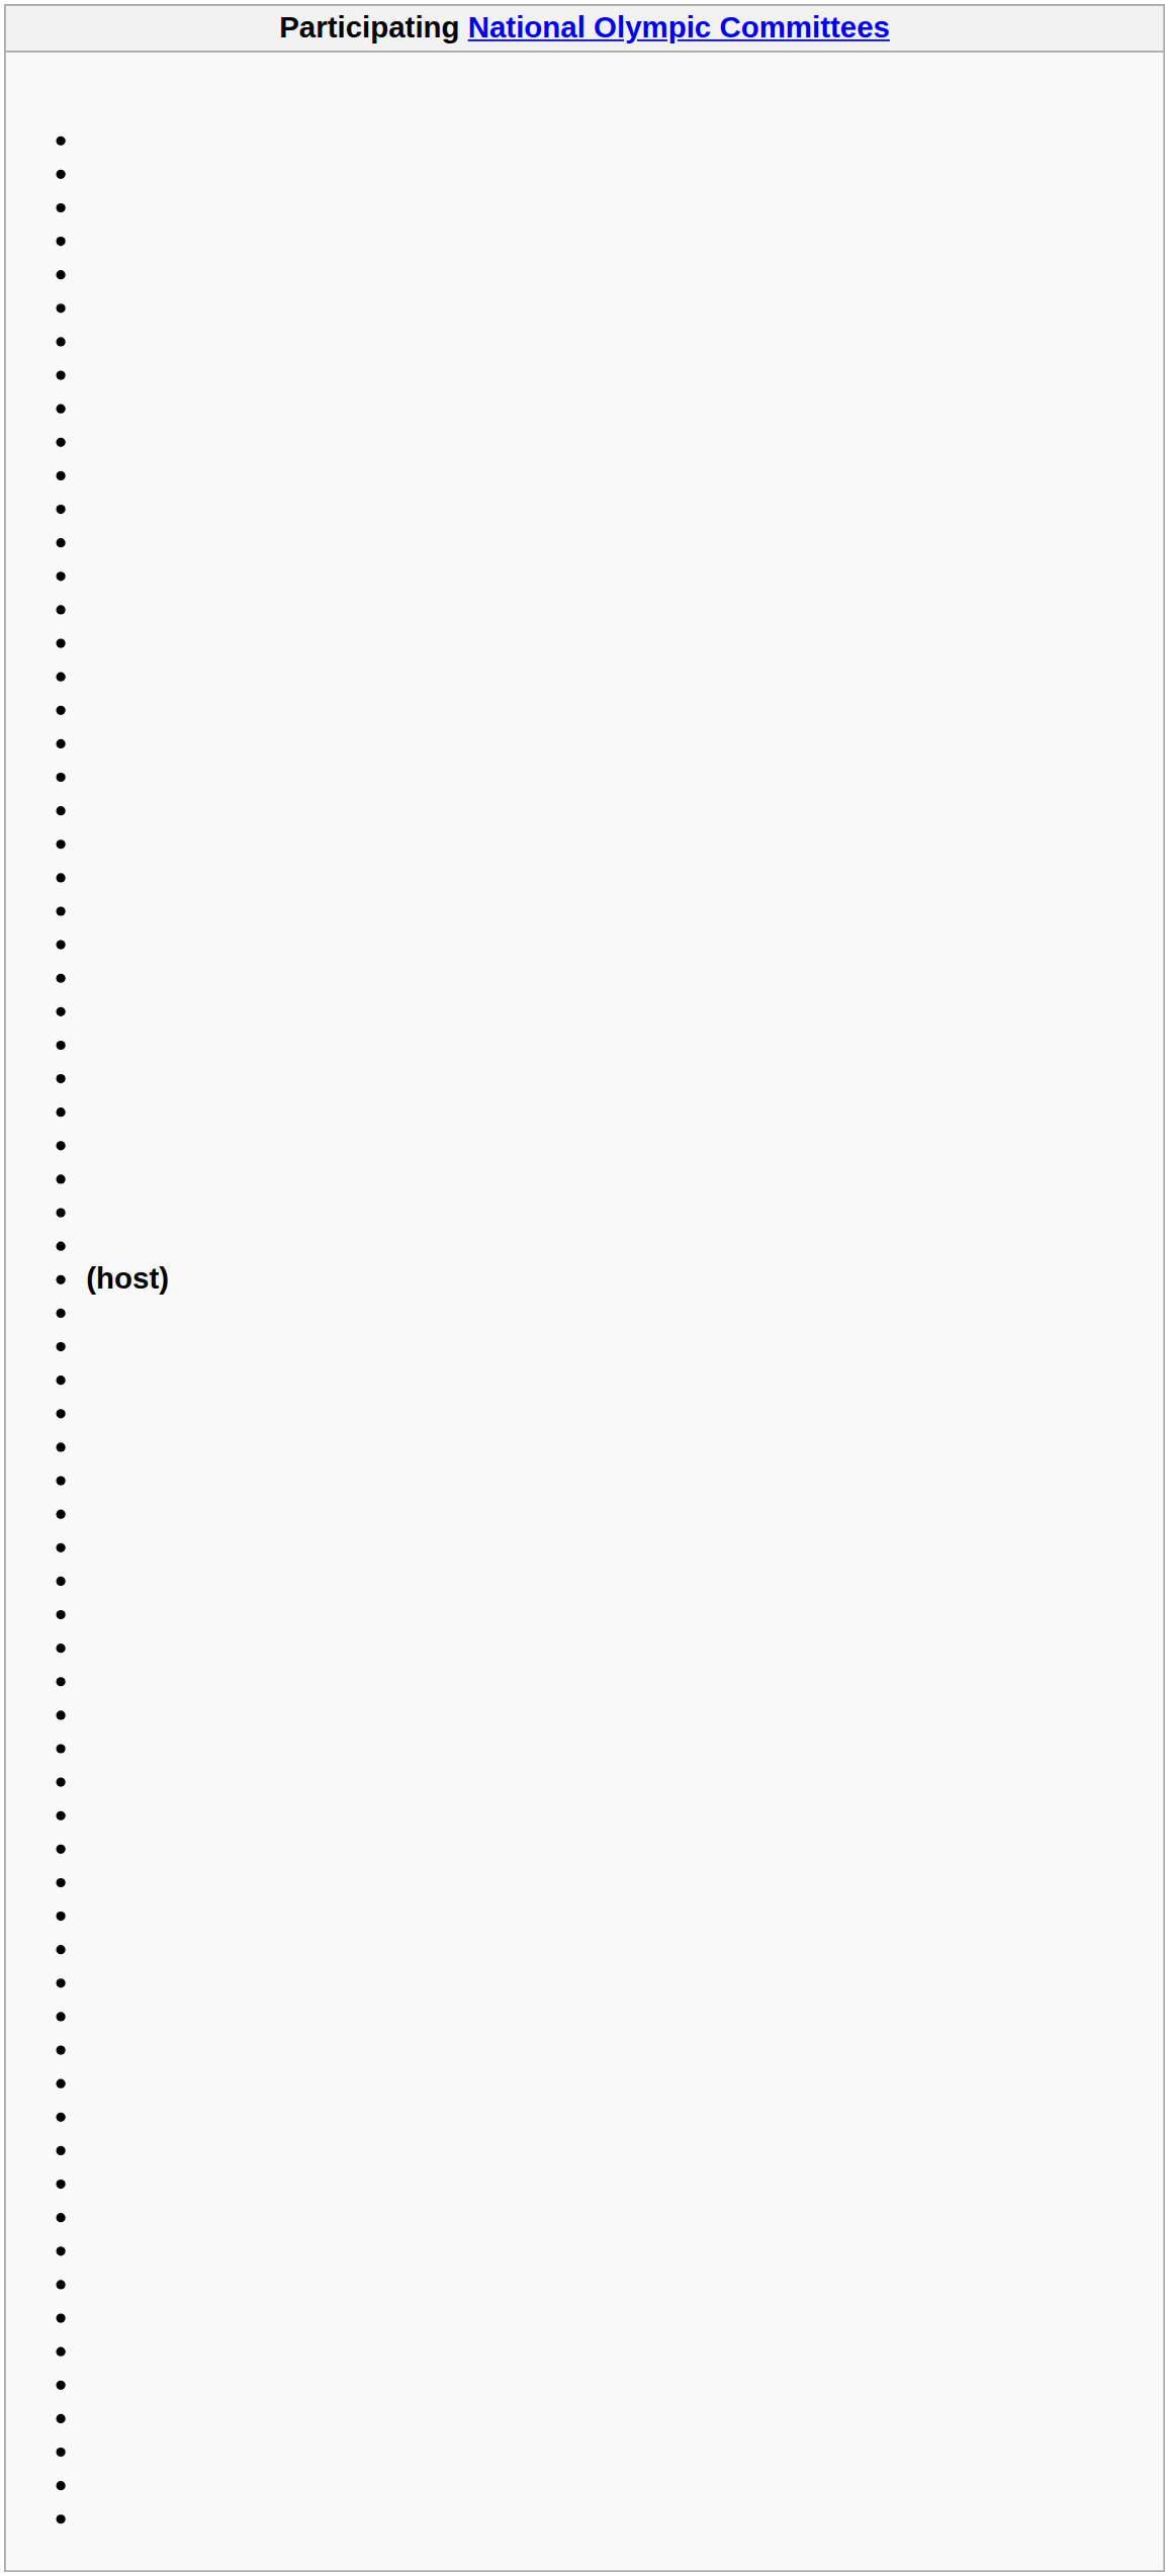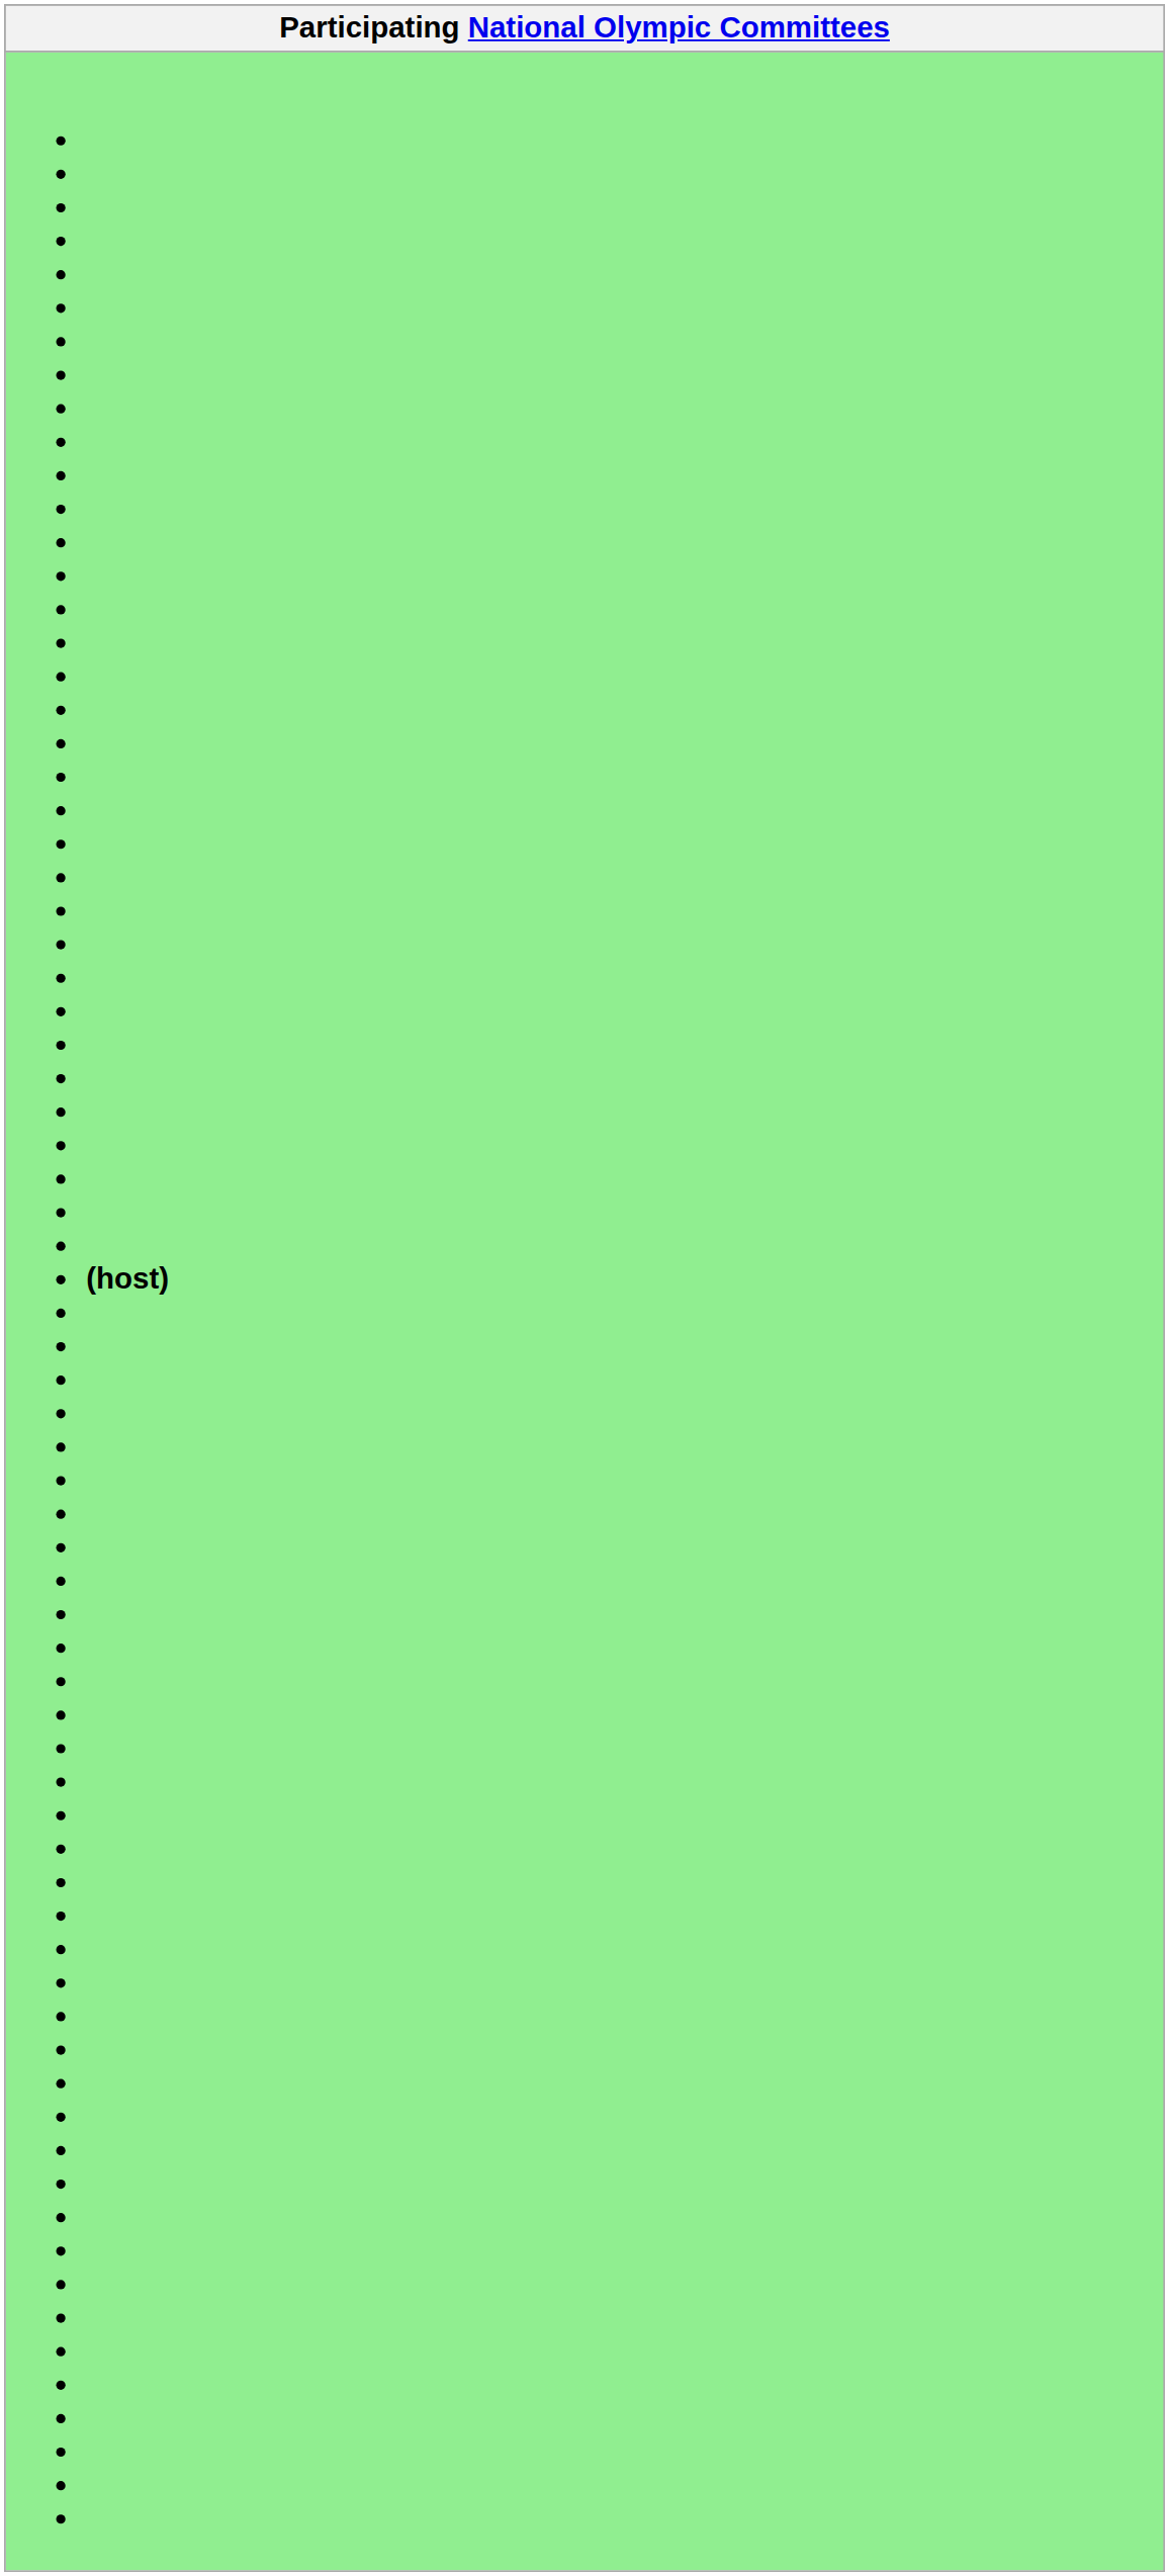 <table class="wikitable collapsible" style="width:100%;">
 <tr>
 <th>Participating <a href='#'>National Olympic Committees</a></th>
 </tr>
 <tr>
-<td><br><ul><li></li><li></li><li></li><li></li><li></li><li></li><li></li><li></li><li></li><li></li><li></li><li></li><li></li><li></li><li></li><li></li><li></li><li></li><li></li><li></li><li></li><li></li><li></li><li></li><li></li><li></li><li></li><li></li><li></li><li></li><li></li><li></li><li></li><li></li><li> <strong>(host)</strong></li><li></li><li></li><li></li><li></li><li></li><li></li><li></li><li></li><li></li><li></li><li></li><li></li><li></li><li></li><li></li><li></li><li></li><li></li><li></li><li></li><li></li><li></li><li></li><li></li><li></li><li></li><li></li><li></li><li></li><li></li><li></li><li></li><li></li><li></li><li></li><li></li><li></li></ul></td>
+<td style="background: lightgreen;"><br><ul><li></li><li></li><li></li><li></li><li></li><li></li><li></li><li></li><li></li><li></li><li></li><li></li><li></li><li></li><li></li><li></li><li></li><li></li><li></li><li></li><li></li><li></li><li></li><li></li><li></li><li></li><li></li><li></li><li></li><li></li><li></li><li></li><li></li><li></li><li> <strong>(host)</strong></li><li></li><li></li><li></li><li></li><li></li><li></li><li></li><li></li><li></li><li></li><li></li><li></li><li></li><li></li><li></li><li></li><li></li><li></li><li></li><li></li><li></li><li></li><li></li><li></li><li></li><li></li><li></li><li></li><li></li><li></li><li></li><li></li><li></li><li></li><li></li><li></li><li></li></ul></td>
 </tr>
 </table>
